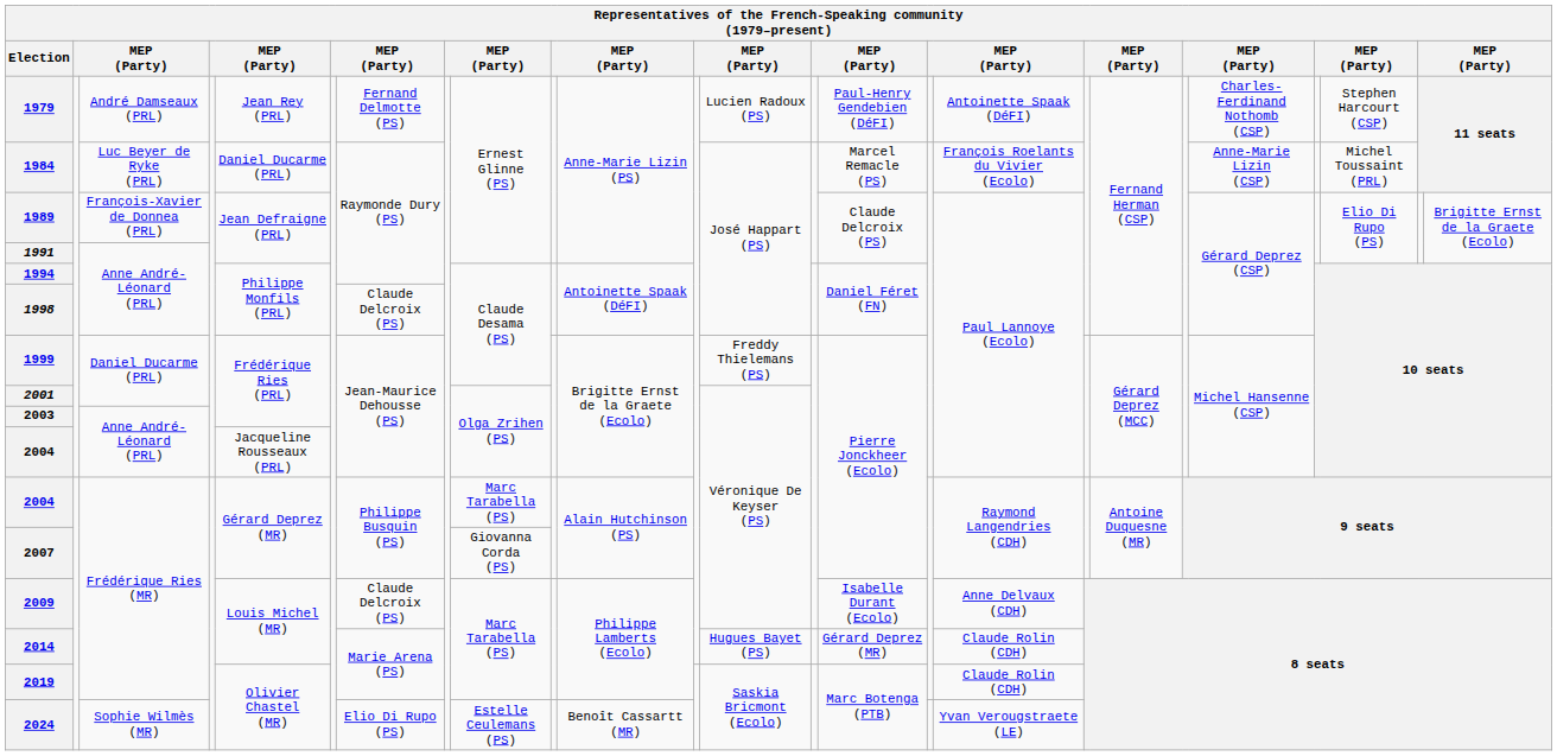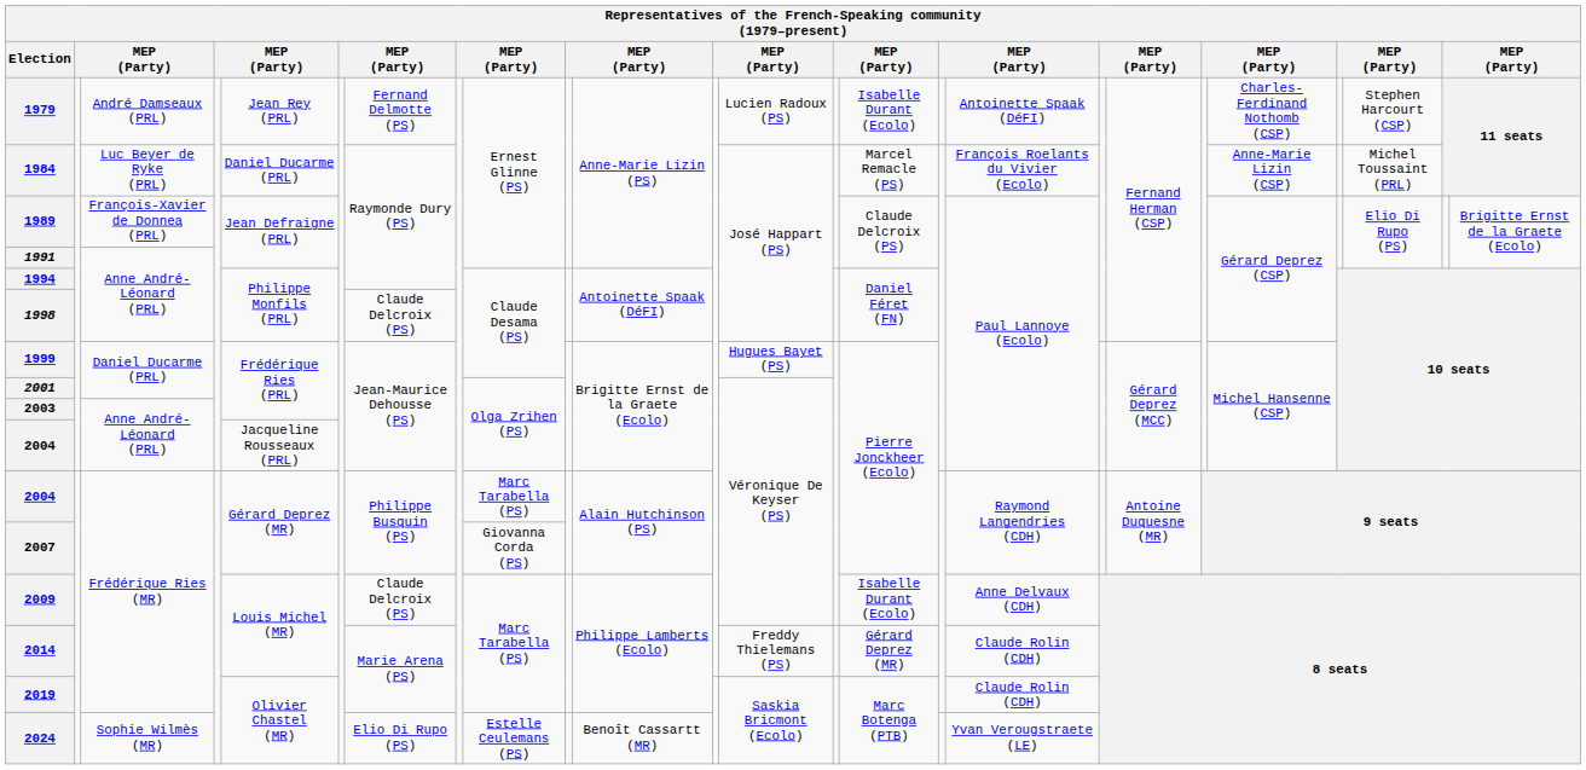 <table class="wikitable" style="text-align:center">
 <tr>
 <th colspan="25">Representatives of the French-Speaking community<br>(1979–present)</th>
 </tr>
 <tr>
 <th>Election</th>
 <th colspan=2>MEP<br>(Party)</th>
 <th colspan=2>MEP<br>(Party)</th>
 <th colspan=2>MEP<br>(Party)</th>
 <th colspan=2>MEP<br>(Party)</th>
 <th colspan=2>MEP<br>(Party)</th>
 <th colspan=2>MEP<br>(Party)</th>
 <th colspan=2>MEP<br>(Party)</th>
 <th colspan=2>MEP<br>(Party)</th>
 <th colspan=2>MEP<br>(Party)</th>
 <th colspan=2>MEP<br>(Party)</th>
 <th colspan=2>MEP<br>(Party)</th>
 <th colspan=2>MEP<br>(Party)</th>
 </tr>
 <tr>
 <th><a href='#'>1979</a></th>
 <td rowspan=10; style="background-color: "></td>
 <td rowspan=1><a href='#'>André Damseaux</a><br>(<a href='#'>PRL</a>)</td>
 <td rowspan=10; style="background-color: "></td>
 <td rowspan=1><a href='#'>Jean Rey</a><br>(<a href='#'>PRL</a>)</td>
 <td rowspan=16; style="background-color: "></td>
 <td rowspan=1><a href='#'>Fernand Delmotte</a><br>(<a href='#'>PS</a>)</td>
 <td rowspan=16; style="background-color: "></td>
 <td rowspan=4>Ernest Glinne<br>(<a href='#'>PS</a>)</td>
 <td rowspan=4; style="background-color: "></td>
 <td rowspan=4><a href='#'>Anne-Marie Lizin</a><br>(<a href='#'>PS</a>)</td>
 <td rowspan=14; style="background-color: "></td>
 <td rowspan=1>Lucien Radoux<br>(<a href='#'>PS</a>)</td>
 <td rowspan=1; style="background-color: "></td>
-<td rowspan=1><a href='#'>Paul-Henry Gendebien</a><br>(<a href='#'>DéFI</a>)</td>
+<td rowspan=1><a href='#'>Isabelle Durant</a><br>(<a href='#'>Ecolo</a>)</td>
 <td rowspan=1; style="background-color: "></td>
 <td rowspan=1><a href='#'>Antoinette Spaak</a><br>(<a href='#'>DéFI</a>)</td>
 <td rowspan=6; style="background-color: "></td>
 <td rowspan=6><a href='#'>Fernand Herman</a><br>(<a href='#'>CSP</a>)</td>
 <td rowspan=10; style="background-color: "></td>
 <td rowspan=1><a href='#'>Charles-Ferdinand Nothomb</a><br>(<a href='#'>CSP</a>)</td>
 <td rowspan=1; style="background-color: "></td>
 <td rowspan=1>Stephen Harcourt<br>(<a href='#'>CSP</a>)</td>
 <th colspan=2; rowspan=2>11 seats</th>
 </tr>
 <tr>
 <th><a href='#'>1984</a></th>
 <td rowspan=1><a href='#'>Luc Beyer de Ryke</a><br>(<a href='#'>PRL</a>)</td>
 <td rowspan=1><a href='#'>Daniel Ducarme</a><br>(<a href='#'>PRL</a>)</td>
 <td rowspan=4>Raymonde Dury<br>(<a href='#'>PS</a>)</td>
 <td rowspan=5>José Happart<br>(<a href='#'>PS</a>)</td>
 <td rowspan=3; style="background-color: "></td>
 <td rowspan=1>Marcel Remacle<br>(<a href='#'>PS</a>)</td>
 <td rowspan=9; style="background-color: "></td>
 <td rowspan=1><a href='#'>François Roelants du Vivier</a><br>(<a href='#'>Ecolo</a>)</td>
 <td rowspan=1><a href='#'>Anne-Marie Lizin</a><br>(<a href='#'>CSP</a>)</td>
 <td rowspan=1; style="background-color: "></td>
 <td rowspan=1>Michel Toussaint<br>(<a href='#'>PRL</a>)</td>
 </tr>
 <tr>
 <th><a href='#'>1989</a></th>
 <td rowspan=1><a href='#'>François-Xavier de Donnea</a><br>(<a href='#'>PRL</a>)</td>
 <td rowspan=2><a href='#'>Jean Defraigne</a><br>(<a href='#'>PRL</a>)</td>
 <td rowspan=2>Claude Delcroix<br>(<a href='#'>PS</a>)</td>
 <td rowspan=8><a href='#'>Paul Lannoye</a><br>(<a href='#'>Ecolo</a>)</td>
 <td rowspan=4><a href='#'>Gérard Deprez</a><br>(<a href='#'>CSP</a>)</td>
 <td rowspan=2; style="background-color: "></td>
 <td rowspan=2><a href='#'>Elio Di Rupo</a><br>(<a href='#'>PS</a>)</td>
 <td rowspan=2; style="background-color: "></td>
 <td rowspan=2><a href='#'>Brigitte Ernst de la Graete</a><br>(<a href='#'>Ecolo</a>)</td>
 </tr>
 <tr>
 <th><em>1991</em></th>
 <td rowspan=3><a href='#'>Anne André-Léonard</a><br>(<a href='#'>PRL</a>)</td>
 </tr>
 <tr>
 <th><a href='#'>1994</a></th>
 <td rowspan=2><a href='#'>Philippe Monfils</a><br>(<a href='#'>PRL</a>)</td>
 <td rowspan=3>Claude Desama<br>(<a href='#'>PS</a>)</td>
 <td rowspan=2; style="background-color: "></td>
 <td rowspan=2><a href='#'>Antoinette Spaak</a><br>(<a href='#'>DéFI</a>)</td>
 <td rowspan=2; style="background-color: "></td>
 <td rowspan=2><a href='#'>Daniel Féret</a><br>(<a href='#'>FN</a>)</td>
 <th rowspan=6; colspan=4>10 seats</th>
 </tr>
 <tr>
 <th><em>1998</em></th>
 <td rowspan=1>Claude Delcroix<br>(<a href='#'>PS</a>)</td>
 </tr>
 <tr>
 <th><a href='#'>1999</a></th>
 <td rowspan=2><a href='#'>Daniel Ducarme</a><br>(<a href='#'>PRL</a>)</td>
 <td rowspan=3><a href='#'>Frédérique Ries</a><br>(<a href='#'>PRL</a>)</td>
 <td rowspan=4>Jean-Maurice Dehousse<br>(<a href='#'>PS</a>)</td>
 <td rowspan=4; style="background-color: "></td>
 <td rowspan=4>Brigitte Ernst de la Graete<br>(<a href='#'>Ecolo</a>)</td>
-<td rowspan=1>Freddy Thielemans<br>(<a href='#'>PS</a>)</td>
+<td rowspan=1><a href='#'>Hugues Bayet</a><br>(<a href='#'>PS</a>)</td>
 <td rowspan=7; style="background-color: "></td>
 <td rowspan=6><a href='#'>Pierre Jonckheer</a><br>(<a href='#'>Ecolo</a>)</td>
 <td rowspan=4; style="background-color: "></td>
 <td rowspan=4><a href='#'>Gérard Deprez</a><br>(<a href='#'>MCC</a>)</td>
 <td rowspan=4><a href='#'>Michel Hansenne</a><br>(<a href='#'>CSP</a>)</td>
 </tr>
 <tr>
 <th><em>2001</th>
 <td rowspan=3><a href='#'>Olga Zrihen</a><br>(<a href='#'>PS</a>)</td>
 <td rowspan=6>Véronique De Keyser<br>(<a href='#'>PS</a>)</td>
 </tr>
 <tr>
 <th></em>2003<em></th>
 <td rowspan=2><a href='#'>Anne André-Léonard</a><br>(<a href='#'>PRL</a>)</td>
 </tr>
 <tr>
 <th></em>2004<em></th>
 <td rowspan=1>Jacqueline Rousseaux<br>(<a href='#'>PRL</a>)</td>
 </tr>
 <tr>
 <th><a href='#'>2004</a></th>
 <td rowspan=6; style="background-color: "></td>
 <td rowspan=5><a href='#'>Frédérique Ries</a><br>(<a href='#'>MR</a>)</td>
 <td rowspan=6; style="background-color: "></td>
 <td rowspan=2><a href='#'>Gérard Deprez</a><br>(<a href='#'>MR</a>)</td>
 <td rowspan=2><a href='#'>Philippe Busquin</a><br>(<a href='#'>PS</a>)</td>
 <td rowspan=1><a href='#'>Marc Tarabella</a><br>(<a href='#'>PS</a>)</td>
 <td rowspan=2; style="background-color: "></td>
 <td rowspan=2><a href='#'>Alain Hutchinson</a><br>(<a href='#'>PS</a>)</td>
 <td rowspan=5; style="background-color: "></td>
 <td rowspan=2><a href='#'>Raymond Langendries</a><br>(<a href='#'>CDH</a>)</td>
 <td rowspan=2; style="background-color: "></td>
 <td rowspan=2><a href='#'>Antoine Duquesne</a><br>(<a href='#'>MR</a>)</td>
 <th rowspan=2; colspan=6>9 seats</th>
 </tr>
 <tr>
 <th></em>2007<em></th>
 <td rowspan=1>Giovanna Corda<br>(<a href='#'>PS</a>)</td>
 </tr>
 <tr>
 <th><a href='#'>2009</a></th>
 <td rowspan=2><a href='#'>Louis Michel</a><br>(<a href='#'>MR</a>)</td>
 <td rowspan=1>Claude Delcroix<br>(<a href='#'>PS</a>)</td>
 <td rowspan=3><a href='#'>Marc Tarabella</a><br>(<a href='#'>PS</a>)</td>
 <td rowspan=3; style="background-color: "></td>
 <td rowspan=3><a href='#'>Philippe Lamberts</a><br>(<a href='#'>Ecolo</a>)</td>
 <td rowspan=1><a href='#'>Isabelle Durant</a><br>(<a href='#'>Ecolo</a>)</td>
 <td rowspan=1><a href='#'>Anne Delvaux</a><br>(<a href='#'>CDH</a>)</td>
 <th colspan=8, rowspan=4>8 seats</th>
 </tr>
 <tr>
 <th><a href='#'>2014</a></th>
 <td rowspan=2><a href='#'>Marie Arena</a><br>(<a href='#'>PS</a>)</td>
-<td rowspan=1><a href='#'>Hugues Bayet</a><br>(<a href='#'>PS</a>)</td>
+<td rowspan=1>Freddy Thielemans<br>(<a href='#'>PS</a>)</td>
 <td rowspan=1; style="background-color: "></td>
 <td rowspan=1><a href='#'>Gérard Deprez</a><br>(<a href='#'>MR</a>)</td>
 <td rowspan=1><a href='#'>Claude Rolin</a><br>(<a href='#'>CDH</a>)</td>
 </tr>
 <tr>
 <th><a href='#'>2019</a></th>
 <td rowspan=2><a href='#'>Olivier Chastel</a><br>(<a href='#'>MR</a>)</td>
 <td rowspan=2; style="background-color: "></td>
 <td rowspan=2><a href='#'>Saskia Bricmont</a><br>(<a href='#'>Ecolo</a>)</td>
 <td rowspan=2; style="background-color: "></td>
 <td rowspan=2><a href='#'>Marc Botenga</a><br>(<a href='#'>PTB</a>)</td>
 <td rowspan=1><a href='#'>Claude Rolin</a><br>(<a href='#'>CDH</a>)</td>
 </tr>
 <tr>
 <th><a href='#'>2024</a></th>
 <td rowspan=1><a href='#'>Sophie Wilmès</a><br>(<a href='#'>MR</a>)</td>
 <td rowspan=1><a href='#'>Elio Di Rupo</a><br>(<a href='#'>PS</a>)</td>
 <td rowspan=1><a href='#'>Estelle Ceulemans</a><br>(<a href='#'>PS</a>)</td>
 <td rowspan=1; style="background-color: "></td>
 <td rowspan=1>Benoît Cassartt<br>(<a href='#'>MR</a>)</td>
 <td rowspan=1; style="background-color: "></td>
 <td rowspan=1><a href='#'>Yvan Verougstraete</a><br>(<a href='#'>LE</a>)</td>
 </tr>
 </table>
